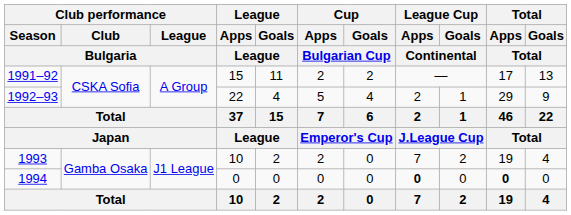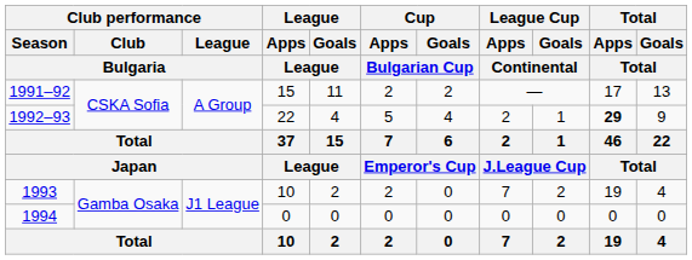 <table class="wikitable" style="text-align:center;">
 <tr>
 <th colspan=3>Club performance</th>
 <th colspan=2>League</th>
 <th colspan=2>Cup</th>
 <th colspan=2>League Cup</th>
 <th colspan=2>Total</th>
 </tr>
 <tr>
 <th>Season</th>
 <th>Club</th>
 <th>League</th>
 <th>Apps</th>
 <th>Goals</th>
 <th>Apps</th>
 <th>Goals</th>
 <th>Apps</th>
 <th>Goals</th>
 <th>Apps</th>
 <th>Goals</th>
 </tr>
 <tr>
 <th colspan=3>Bulgaria</th>
 <th colspan=2>League</th>
 <th colspan=2><a href='#'>Bulgarian Cup</a></th>
 <th colspan=2>Continental</th>
 <th colspan=2>Total</th>
 </tr>
 <tr>
 <td><a href='#'>1991–92</a></td>
 <td rowspan="2"><a href='#'>CSKA Sofia</a></td>
 <td rowspan="2"><a href='#'>A Group</a></td>
 <td>15</td>
 <td>11</td>
 <td>2</td>
 <td>2</td>
 <td colspan="2">—</td>
 <td>17</td>
 <td>13</td>
 </tr>
 <tr>
 <td><a href='#'>1992–93</a></td>
 <td>22</td>
 <td>4</td>
 <td>5</td>
 <td>4</td>
 <td>2</td>
 <td>1</td>
-<td>29</td>
+<td><strong>29</strong></td>
 <td>9</td>
 </tr>
 <tr>
 <th colspan=3>Total</th>
 <th>37</th>
 <th>15</th>
 <th>7</th>
 <th>6</th>
 <th>2</th>
 <th>1</th>
 <th>46</th>
 <th>22</th>
 </tr>
 <tr>
 <th colspan=3>Japan</th>
 <th colspan=2>League</th>
 <th colspan=2><a href='#'>Emperor's Cup</a></th>
 <th colspan=2><a href='#'>J.League Cup</a></th>
 <th colspan=2>Total</th>
 </tr>
 <tr>
 <td><a href='#'>1993</a></td>
 <td rowspan="2"><a href='#'>Gamba Osaka</a></td>
 <td rowspan="2"><a href='#'>J1 League</a></td>
 <td>10</td>
 <td>2</td>
 <td>2</td>
 <td>0</td>
 <td>7</td>
 <td>2</td>
 <td>19</td>
 <td>4</td>
 </tr>
 <tr>
 <td><a href='#'>1994</a></td>
 <td>0</td>
 <td>0</td>
 <td>0</td>
 <td>0</td>
-<td><strong>0</strong></td>
 <td>0</td>
-<td><strong>0</strong></td>
+<td>0</td>
+<td>0</td>
 <td>0</td>
 </tr>
 <tr>
 <th colspan=3>Total</th>
 <th>10</th>
 <th>2</th>
 <th>2</th>
 <th>0</th>
 <th>7</th>
 <th>2</th>
 <th>19</th>
 <th>4</th>
 </tr>
 </table>
